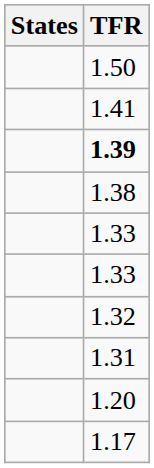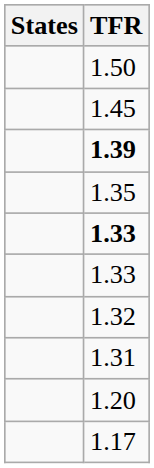 <table class="wikitable sortable">
 <tr>
 <th>States</th>
 <th>TFR</th>
 </tr>
 <tr>
 <td></td>
 <td>1.50</td>
 </tr>
 <tr>
 <td></td>
-<td>1.41</td>
+<td>1.45</td>
 </tr>
 <tr>
 <td></td>
 <td><strong>1.39</strong></td>
 </tr>
 <tr>
 <td></td>
-<td>1.38</td>
+<td>1.35</td>
 </tr>
 <tr>
 <td></td>
-<td>1.33</td>
+<td><strong>1.33</strong></td>
 </tr>
 <tr>
 <td></td>
 <td>1.33</td>
 </tr>
 <tr>
 <td><strong></strong></td>
 <td>1.32</td>
 </tr>
 <tr>
 <td></td>
 <td>1.31</td>
 </tr>
 <tr>
 <td></td>
 <td>1.20</td>
 </tr>
 <tr>
 <td></td>
 <td>1.17</td>
 </tr>
 </table>
